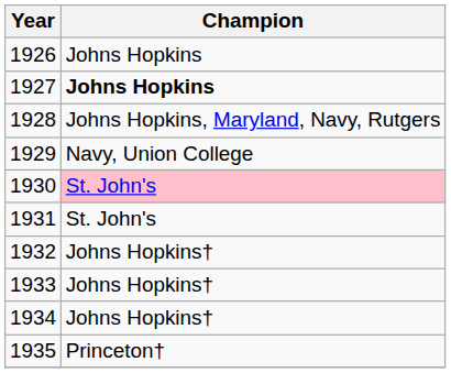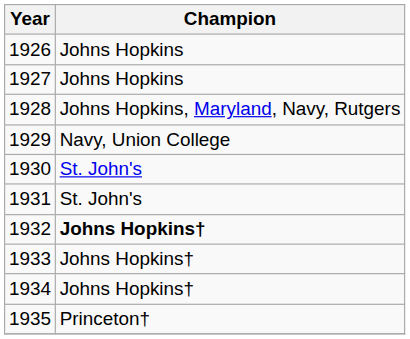 <table class="wikitable">
 <tr>
 <th>Year</th>
 <th>Champion</th>
 </tr>
 <tr>
 <td>1926</td>
 <td>Johns Hopkins</td>
 </tr>
 <tr>
 <td>1927</td>
-<td><strong>Johns Hopkins</strong></td>
+<td>Johns Hopkins</td>
 </tr>
 <tr>
 <td>1928</td>
 <td>Johns Hopkins, <a href='#'>Maryland</a>, Navy, Rutgers</td>
 </tr>
 <tr>
 <td>1929</td>
 <td>Navy, Union College</td>
 </tr>
 <tr>
 <td>1930</td>
-<td style="background: pink;"><a href='#'>St. John's</a></td>
+<td><a href='#'>St. John's</a></td>
 </tr>
 <tr>
 <td>1931</td>
 <td>St. John's</td>
 </tr>
 <tr>
 <td>1932</td>
-<td>Johns Hopkins†</td>
+<td><strong>Johns Hopkins†</strong></td>
 </tr>
 <tr>
 <td>1933</td>
 <td>Johns Hopkins†</td>
 </tr>
 <tr>
 <td>1934</td>
 <td>Johns Hopkins†</td>
 </tr>
 <tr>
 <td>1935</td>
 <td>Princeton†</td>
 </tr>
 <tr>
 </tr>
 </table>
